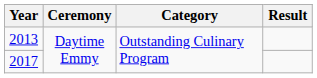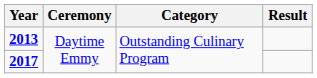 <table class="wikitable" width="55%">
 <tr>
 <th width="7%">Year</th>
 <th width="7%">Ceremony</th>
 <th width="42%">Category</th>
 <th width="8%">Result</th>
 </tr>
 <tr>
-<td align=center><a href='#'>2013</a></td>
+<td align=center><strong><a href='#'>2013</a></strong></td>
 <td rowspan=2 align=center><a href='#'>Daytime Emmy</a></td>
 <td rowspan=2><a href='#'>Outstanding Culinary Program</a></td>
 <td></td>
 </tr>
 <tr>
-<td align=center><a href='#'>2017</a></td>
+<td align=center><strong><a href='#'>2017</a></strong></td>
 <td></td>
 </tr>
 </table>
